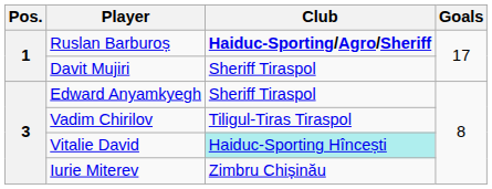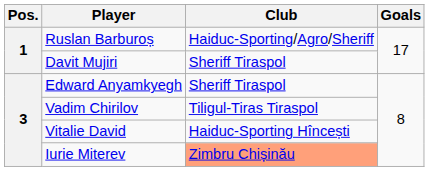 <table class="wikitable">
 <tr>
 <th>Pos.</th>
 <th>Player</th>
 <th>Club</th>
 <th>Goals</th>
 </tr>
 <tr>
 <th rowspan=2 align=center>1</th>
 <td> <a href='#'>Ruslan Barburoș</a></td>
-<td><strong><a href='#'>Haiduc-Sporting</a>/<a href='#'>Agro</a>/<a href='#'>Sheriff</a></strong></td>
+<td><a href='#'>Haiduc-Sporting</a>/<a href='#'>Agro</a>/<a href='#'>Sheriff</a></td>
 <td rowspan=2 align=center>17</td>
 </tr>
 <tr>
 <td> <a href='#'>Davit Mujiri</a></td>
 <td><a href='#'>Sheriff Tiraspol</a></td>
 </tr>
 <tr>
 <th rowspan=4 align=center>3</th>
 <td> <a href='#'>Edward Anyamkyegh</a></td>
 <td><a href='#'>Sheriff Tiraspol</a></td>
 <td rowspan=4 align=center>8</td>
 </tr>
 <tr>
 <td> <a href='#'>Vadim Chirilov</a></td>
 <td><a href='#'>Tiligul-Tiras Tiraspol</a></td>
 </tr>
 <tr>
 <td> <a href='#'>Vitalie David</a></td>
-<td style="background: paleturquoise;"><a href='#'>Haiduc-Sporting Hîncești</a></td>
+<td><a href='#'>Haiduc-Sporting Hîncești</a></td>
 </tr>
 <tr>
 <td> <a href='#'>Iurie Miterev</a></td>
-<td><a href='#'>Zimbru Chișinău</a></td>
+<td style="background: lightsalmon;"><a href='#'>Zimbru Chișinău</a></td>
 </tr>
 </table>
